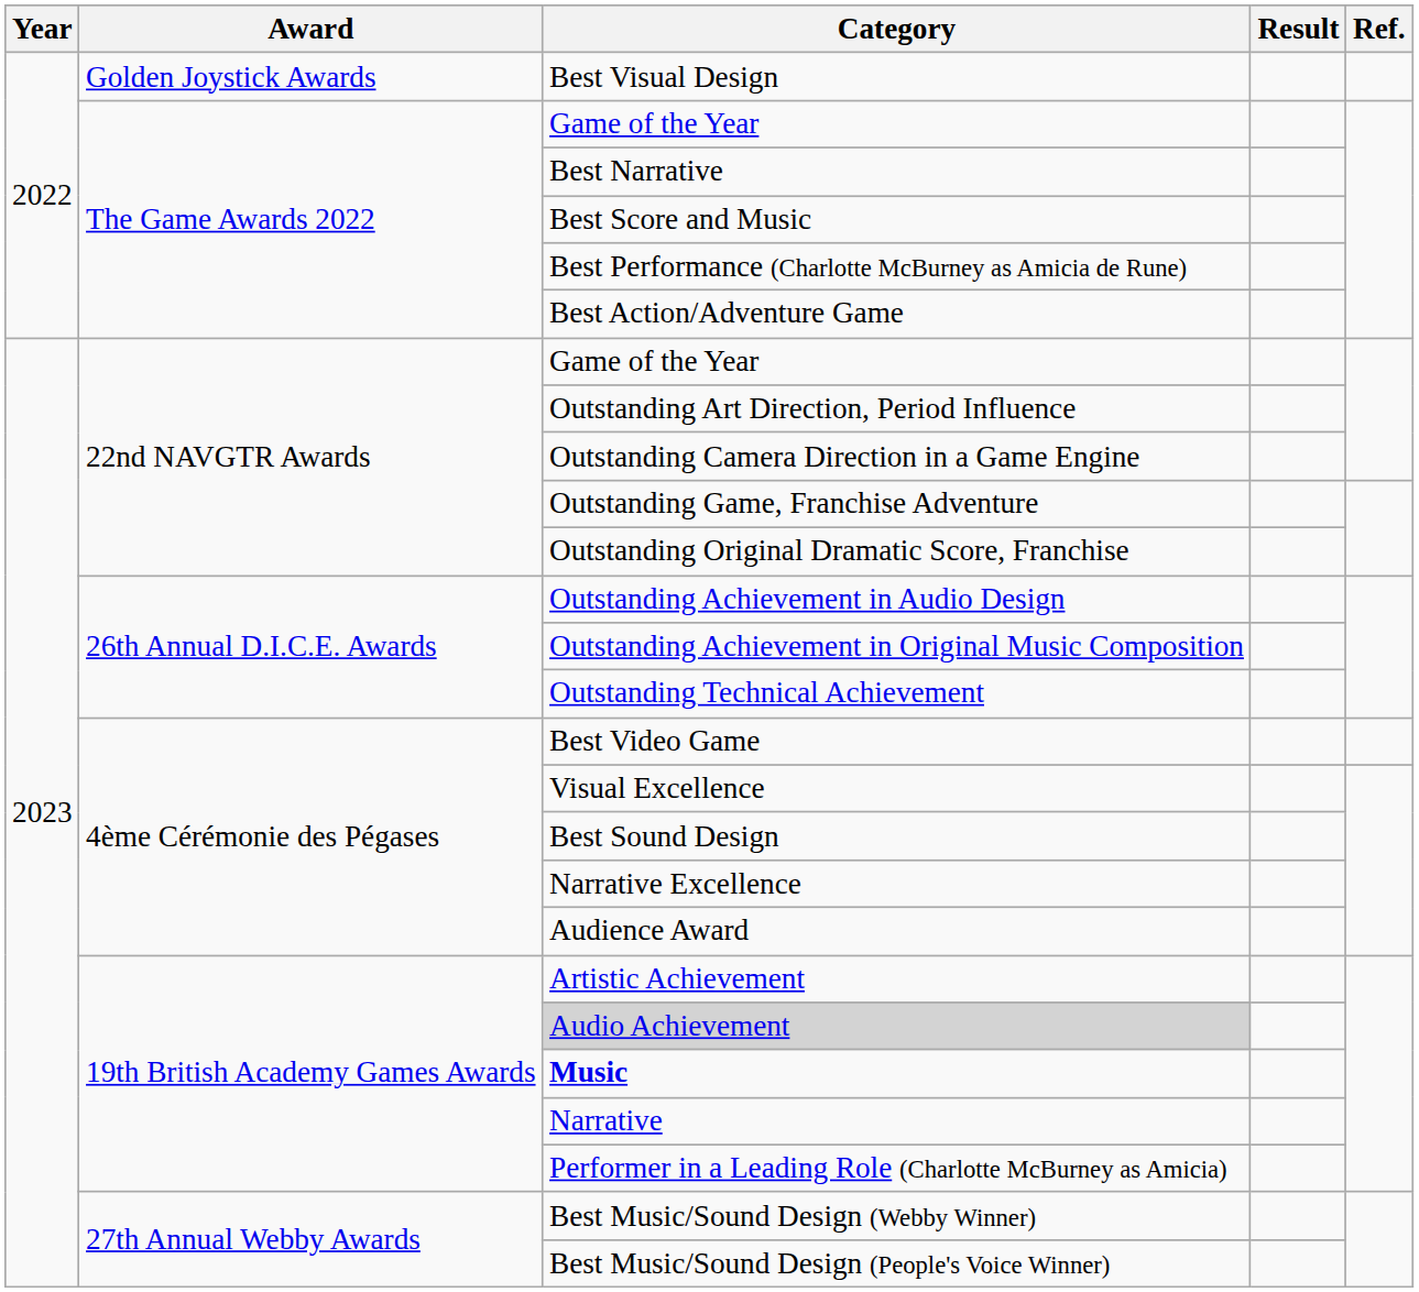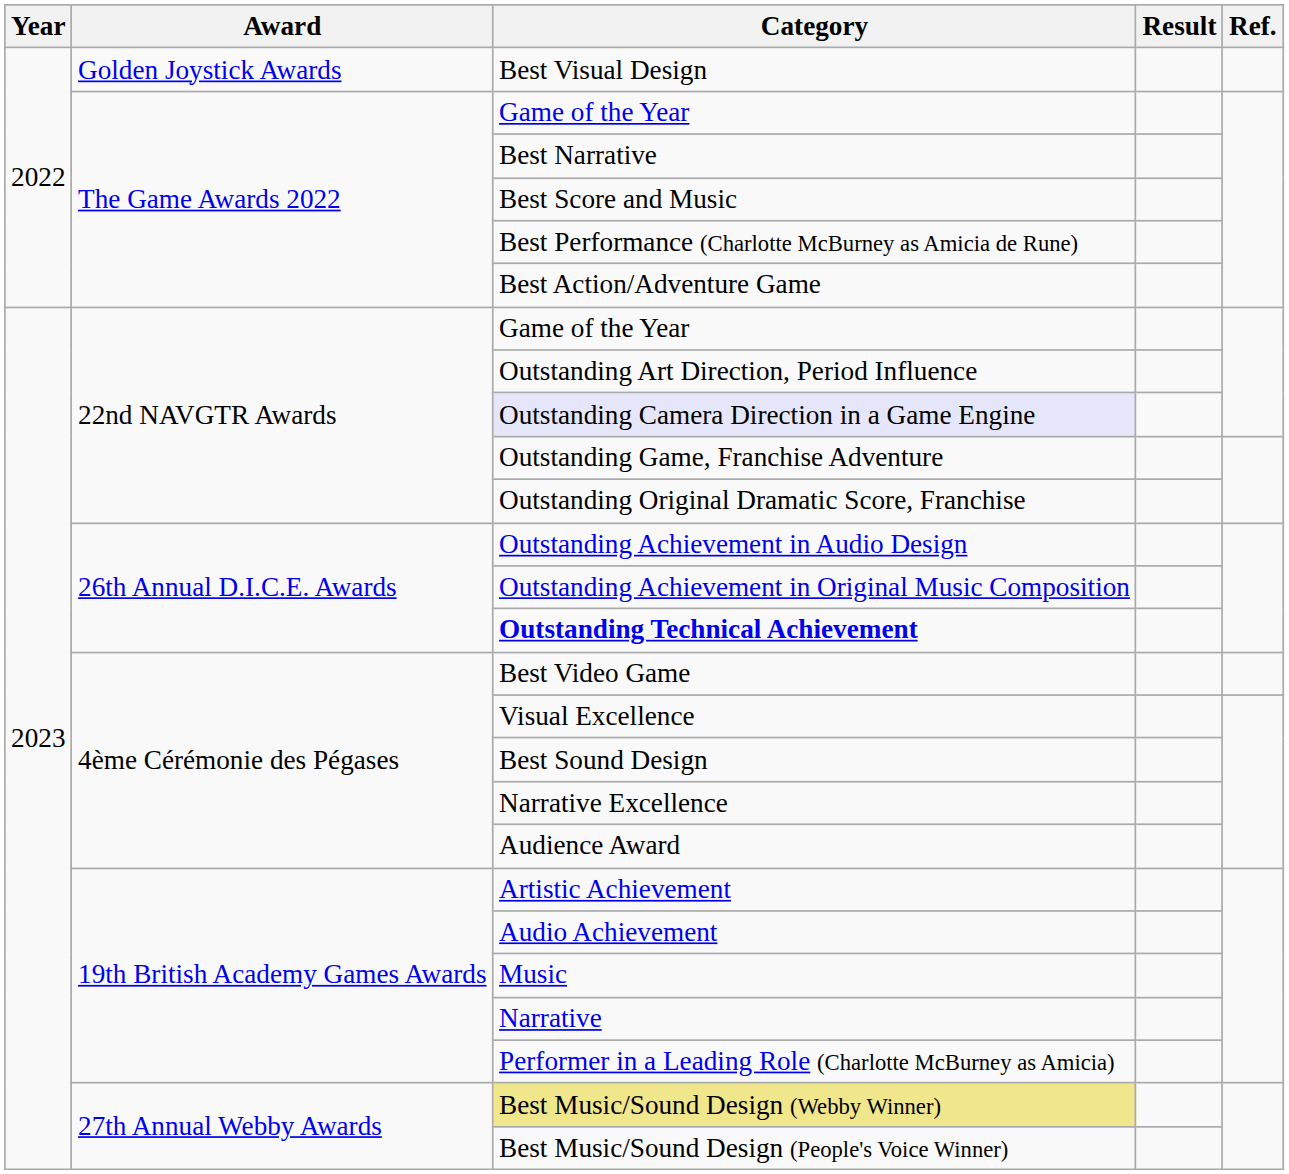 <table class="wikitable">
 <tr>
 <th scope="col">Year</th>
 <th scope="col">Award</th>
 <th scope="col">Category</th>
 <th scope="col">Result</th>
 <th scope="col">Ref.</th>
 </tr>
 <tr>
 <td rowspan="6">2022</td>
 <td><a href='#'>Golden Joystick Awards</a></td>
 <td>Best Visual Design</td>
 <td></td>
 <td style="text-align:center;"></td>
 </tr>
 <tr>
 <td rowspan="5"><a href='#'>The Game Awards 2022</a></td>
 <td><a href='#'>Game of the Year</a></td>
 <td></td>
 <td style="text-align:center;" rowspan="5"></td>
 </tr>
 <tr>
 <td>Best Narrative</td>
 <td></td>
 </tr>
 <tr>
 <td>Best Score and Music</td>
 <td></td>
 </tr>
 <tr>
 <td>Best Performance <small>(Charlotte McBurney as Amicia de Rune)</small></td>
 <td></td>
 </tr>
 <tr>
 <td>Best Action/Adventure Game</td>
 <td></td>
 </tr>
 <tr>
 <td rowspan="20">2023</td>
 <td rowspan="5">22nd NAVGTR Awards</td>
 <td>Game of the Year</td>
 <td></td>
 <td style="text-align:center;" rowspan="3"></td>
 </tr>
 <tr>
 <td>Outstanding Art Direction, Period Influence</td>
 <td></td>
 </tr>
 <tr>
-<td>Outstanding Camera Direction in a Game Engine</td>
+<td style="background: lavender;">Outstanding Camera Direction in a Game Engine</td>
 <td></td>
 </tr>
 <tr>
 <td>Outstanding Game, Franchise Adventure</td>
 <td></td>
 <td style="text-align:center;" rowspan="2"></td>
 </tr>
 <tr>
 <td>Outstanding Original Dramatic Score, Franchise</td>
 <td></td>
 </tr>
 <tr>
 <td rowspan="3"><a href='#'>26th Annual D.I.C.E. Awards</a></td>
 <td><a href='#'>Outstanding Achievement in Audio Design</a></td>
 <td></td>
 <td rowspan="3" style="text-align:center;"></td>
 </tr>
 <tr>
 <td><a href='#'>Outstanding Achievement in Original Music Composition</a></td>
 <td></td>
 </tr>
 <tr>
-<td><a href='#'>Outstanding Technical Achievement</a></td>
+<td><strong><a href='#'>Outstanding Technical Achievement</a></strong></td>
 <td></td>
 </tr>
 <tr>
 <td rowspan="5">4ème Cérémonie des Pégases</td>
 <td>Best Video Game</td>
 <td></td>
 <td style="text-align:center;"></td>
 </tr>
 <tr>
 <td>Visual Excellence</td>
 <td></td>
 <td style="text-align:center;" rowspan="4"></td>
 </tr>
 <tr>
 <td>Best Sound Design</td>
 <td></td>
 </tr>
 <tr>
 <td>Narrative Excellence</td>
 <td></td>
 </tr>
 <tr>
 <td>Audience Award</td>
 <td></td>
 </tr>
 <tr>
 <td rowspan="5"><a href='#'>19th British Academy Games Awards</a></td>
 <td><a href='#'>Artistic Achievement</a></td>
 <td></td>
 <td style="text-align:center;" rowspan="5"></td>
 </tr>
 <tr>
-<td style="background: lightgrey;"><a href='#'>Audio Achievement</a></td>
+<td><a href='#'>Audio Achievement</a></td>
 <td></td>
 </tr>
 <tr>
-<td><strong><a href='#'>Music</a></strong></td>
+<td><a href='#'>Music</a></td>
 <td></td>
 </tr>
 <tr>
 <td><a href='#'>Narrative</a></td>
 <td></td>
 </tr>
 <tr>
 <td><a href='#'>Performer in a Leading Role</a> <small>(Charlotte McBurney as Amicia)</small></td>
 <td></td>
 </tr>
 <tr>
 <td rowspan="2"><a href='#'>27th Annual Webby Awards</a></td>
-<td>Best Music/Sound Design <small>(Webby Winner)</small></td>
+<td style="background: khaki;">Best Music/Sound Design <small>(Webby Winner)</small></td>
 <td></td>
 <td style="text-align:center;" rowspan="2"></td>
 </tr>
 <tr>
 <td>Best Music/Sound Design <small>(People's Voice Winner)</small></td>
 <td></td>
 </tr>
 </table>
